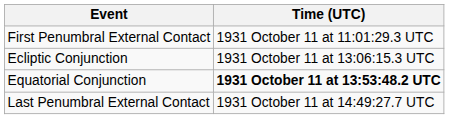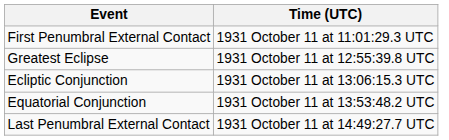 <table class="wikitable">
 <tr>
 <th>Event</th>
 <th>Time (UTC)</th>
 </tr>
 <tr>
 <td>First Penumbral External Contact</td>
 <td>1931 October 11 at 11:01:29.3 UTC</td>
 </tr>
 <tr>
+<td>Greatest Eclipse</td>
+<td>1931 October 11 at 12:55:39.8 UTC</td>
+</tr>
+<tr>
 <td>Ecliptic Conjunction</td>
 <td>1931 October 11 at 13:06:15.3 UTC</td>
 </tr>
 <tr>
 <td>Equatorial Conjunction</td>
-<td><strong>1931 October 11 at 13:53:48.2 UTC</strong></td>
+<td>1931 October 11 at 13:53:48.2 UTC</td>
 </tr>
 <tr>
 <td>Last Penumbral External Contact</td>
 <td>1931 October 11 at 14:49:27.7 UTC</td>
 </tr>
 </table>
